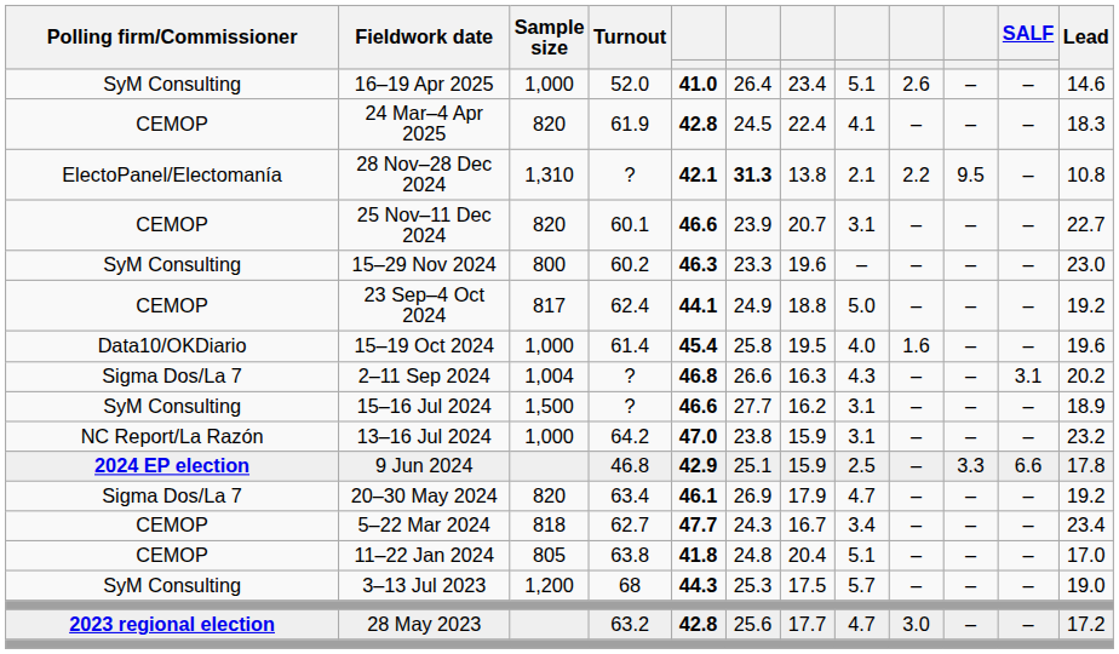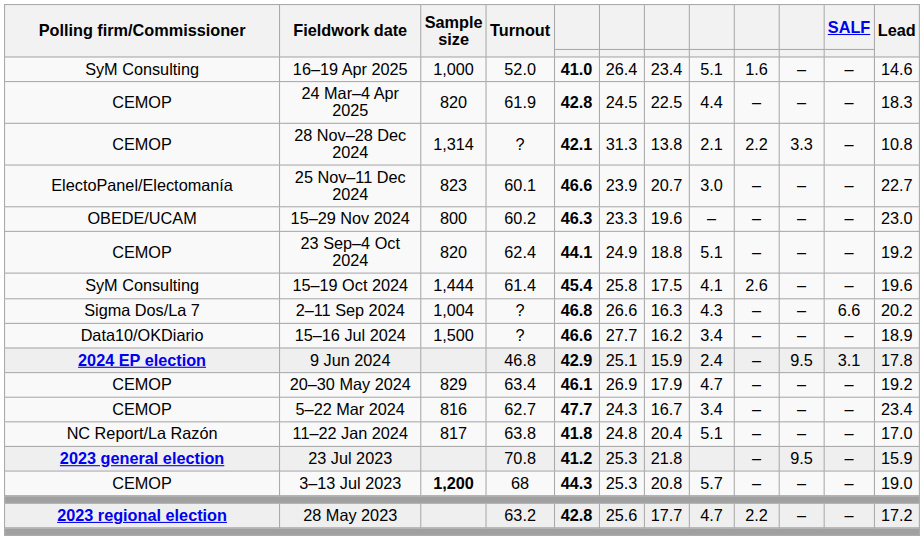 <table class="wikitable collapsible" style="text-align:center; font-size:95%; line-height:16px;">
 <tr style="height:42px;">
 <th style="width:250px;" rowspan="2">Polling firm/Commissioner</th>
 <th style="width:125px;" rowspan="2">Fieldwork date</th>
 <th style="width:50px;" rowspan="2">Sample size</th>
 <th style="width:45px;" rowspan="2">Turnout</th>
 <th style="width:35px;"></th>
 <th style="width:35px;"></th>
 <th style="width:35px;"></th>
 <th style="width:35px;"><br></th>
 <th style="width:35px;"></th>
 <th style="width:35px;"></th>
 <th style="width:35px;"><a href='#'>SALF</a></th>
 <th style="width:30px;" rowspan="2">Lead</th>
 </tr>
 <tr>
 <th style="color:inherit;background:"></th>
 <th style="color:inherit;background:"></th>
 <th style="color:inherit;background:"></th>
 <th style="color:inherit;background:"></th>
 <th style="color:inherit;background:"></th>
 <th style="color:inherit;background:"></th>
 <th style="color:inherit;background:"></th>
 </tr>
 <tr>
 <td>SyM Consulting</td>
 <td>16–19 Apr 2025</td>
 <td>1,000</td>
 <td>52.0</td>
 <td><strong>41.0</strong><br></td>
 <td>26.4<br></td>
 <td>23.4<br></td>
 <td>5.1<br></td>
-<td>2.6<br></td>
+<td>1.6<br></td>
 <td>–</td>
 <td>–</td>
 <td style="background:">14.6</td>
 </tr>
 <tr>
 <td>CEMOP</td>
 <td>24 Mar–4 Apr 2025</td>
 <td>820</td>
 <td>61.9</td>
 <td><strong>42.8</strong><br></td>
 <td>24.5<br></td>
-<td>22.4<br></td>
-<td>4.1<br></td>
+<td>22.5<br></td>
+<td>4.4<br></td>
 <td>–</td>
 <td>–</td>
 <td>–</td>
 <td style="background:">18.3</td>
 </tr>
 <tr>
-<td>ElectoPanel/Electomanía</td>
+<td>CEMOP</td>
 <td>28 Nov–28 Dec 2024</td>
-<td>1,310</td>
+<td>1,314</td>
 <td>?</td>
 <td><strong>42.1</strong><br></td>
-<td><strong>31.3<br></strong></td>
+<td>31.3<br></td>
 <td>13.8<br></td>
 <td>2.1<br></td>
 <td>2.2<br></td>
-<td>9.5<br></td>
+<td>3.3<br></td>
 <td>–</td>
 <td style="background:">10.8</td>
 </tr>
 <tr>
-<td>CEMOP</td>
+<td>ElectoPanel/Electomanía</td>
 <td>25 Nov–11 Dec 2024</td>
-<td>820</td>
+<td>823</td>
 <td>60.1</td>
 <td><strong>46.6</strong><br></td>
 <td>23.9<br></td>
 <td>20.7<br></td>
-<td>3.1<br></td>
+<td>3.0<br></td>
 <td>–</td>
 <td>–</td>
 <td>–</td>
 <td style="background:">22.7</td>
 </tr>
 <tr>
-<td>SyM Consulting</td>
+<td>OBEDE/UCAM</td>
 <td>15–29 Nov 2024</td>
 <td>800</td>
 <td>60.2</td>
 <td><strong>46.3</strong><br></td>
 <td>23.3<br></td>
 <td>19.6<br></td>
 <td>–</td>
 <td>–</td>
 <td>–</td>
 <td>–</td>
 <td style="background:">23.0</td>
 </tr>
 <tr>
 <td>CEMOP</td>
 <td>23 Sep–4 Oct 2024</td>
-<td>817</td>
+<td>820</td>
 <td>62.4</td>
 <td><strong>44.1</strong><br></td>
 <td>24.9<br></td>
 <td>18.8<br></td>
-<td>5.0<br></td>
+<td>5.1<br></td>
 <td>–</td>
 <td>–</td>
 <td>–</td>
 <td style="background:">19.2</td>
 </tr>
 <tr>
-<td>Data10/OKDiario</td>
+<td>SyM Consulting</td>
 <td>15–19 Oct 2024</td>
-<td>1,000</td>
+<td>1,444</td>
 <td>61.4</td>
 <td><strong>45.4</strong><br></td>
 <td>25.8<br></td>
-<td>19.5<br></td>
-<td>4.0<br></td>
-<td>1.6<br></td>
+<td>17.5<br></td>
+<td>4.1<br></td>
+<td>2.6<br></td>
 <td>–</td>
 <td>–</td>
 <td style="background:">19.6</td>
 </tr>
 <tr>
 <td>Sigma Dos/La 7</td>
 <td>2–11 Sep 2024</td>
 <td>1,004</td>
 <td>?</td>
 <td><strong>46.8</strong><br></td>
 <td>26.6<br></td>
 <td>16.3<br></td>
 <td>4.3<br></td>
 <td>–</td>
 <td>–</td>
-<td>3.1<br></td>
+<td>6.6<br></td>
 <td style="background:">20.2</td>
 </tr>
 <tr>
-<td>SyM Consulting</td>
+<td>Data10/OKDiario</td>
 <td>15–16 Jul 2024</td>
 <td>1,500</td>
 <td>?</td>
 <td><strong>46.6</strong><br></td>
 <td>27.7<br></td>
 <td>16.2<br></td>
-<td>3.1<br></td>
+<td>3.4<br></td>
 <td>–</td>
 <td>–</td>
 <td>–</td>
 <td style="background:">18.9</td>
-</tr>
-<tr>
-<td>NC Report/La Razón</td>
-<td>13–16 Jul 2024</td>
-<td>1,000</td>
-<td>64.2</td>
-<td><strong>47.0</strong><br></td>
-<td>23.8<br></td>
-<td>15.9<br></td>
-<td>3.1<br></td>
-<td>–</td>
-<td>–</td>
-<td>–</td>
-<td style="background:">23.2</td>
 </tr>
 <tr style="background:#EFEFEF;">
 <td><strong><a href='#'>2024 EP election</a></strong></td>
 <td>9 Jun 2024</td>
 <td></td>
 <td>46.8</td>
 <td><strong>42.9</strong><br></td>
 <td>25.1<br></td>
 <td>15.9<br></td>
-<td>2.5<br></td>
+<td>2.4<br></td>
 <td>–</td>
-<td>3.3<br></td>
-<td>6.6<br></td>
+<td>9.5<br></td>
+<td>3.1<br></td>
 <td style="background:">17.8</td>
 </tr>
 <tr>
-<td>Sigma Dos/La 7</td>
+<td>CEMOP</td>
 <td>20–30 May 2024</td>
-<td>820</td>
+<td>829</td>
 <td>63.4</td>
 <td><strong>46.1</strong><br></td>
 <td>26.9<br></td>
 <td>17.9<br></td>
 <td>4.7<br></td>
 <td>–</td>
 <td>–</td>
 <td>–</td>
 <td style="background:">19.2</td>
 </tr>
 <tr>
 <td>CEMOP</td>
 <td>5–22 Mar 2024</td>
-<td>818</td>
+<td>816</td>
 <td>62.7</td>
 <td><strong>47.7</strong><br></td>
 <td>24.3<br></td>
 <td>16.7<br></td>
 <td>3.4<br></td>
 <td>–</td>
 <td>–</td>
 <td>–</td>
 <td style="background:">23.4</td>
 </tr>
 <tr>
-<td>CEMOP</td>
+<td>NC Report/La Razón</td>
 <td>11–22 Jan 2024</td>
-<td>805</td>
+<td>817</td>
 <td>63.8</td>
 <td><strong>41.8</strong><br></td>
 <td>24.8<br></td>
 <td>20.4<br></td>
 <td>5.1<br></td>
 <td>–</td>
 <td>–</td>
 <td>–</td>
 <td style="background:">17.0</td>
 </tr>
+<tr style="background:#EFEFEF;">
+<td><strong><a href='#'>2023 general election</a></strong></td>
+<td>23 Jul 2023</td>
+<td></td>
+<td>70.8</td>
+<td><strong>41.2</strong><br></td>
+<td>25.3<br></td>
+<td>21.8<br></td>
+<td></td>
+<td>–</td>
+<td>9.5<br></td>
+<td>–</td>
+<td style="background:">15.9</td>
+</tr>
 <tr>
-<td>SyM Consulting</td>
+<td>CEMOP</td>
 <td>3–13 Jul 2023</td>
-<td>1,200</td>
+<td><strong>1,200</strong></td>
 <td>68</td>
 <td><strong>44.3</strong><br></td>
 <td>25.3<br></td>
-<td>17.5<br></td>
+<td>20.8<br></td>
 <td>5.7<br></td>
 <td>–</td>
 <td>–</td>
 <td>–</td>
 <td style="background:">19.0</td>
 </tr>
 <tr>
 <td colspan="12" style="background:#A0A0A0"></td>
 </tr>
 <tr style="background:#EFEFEF;">
 <td><strong><a href='#'>2023 regional election</a></strong></td>
 <td>28 May 2023</td>
 <td></td>
 <td>63.2</td>
 <td><strong>42.8</strong><br></td>
 <td>25.6<br></td>
 <td>17.7<br></td>
 <td>4.7<br></td>
-<td>3.0<br></td>
+<td>2.2<br></td>
 <td>–</td>
 <td>–</td>
 <td style="background:">17.2</td>
 </tr>
 <tr>
 <td colspan="12" style="background:#A0A0A0"></td>
 </tr>
 </table>
